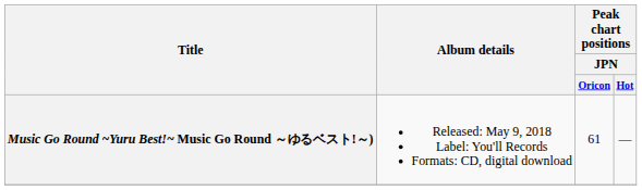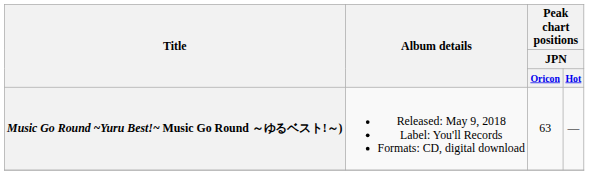 <table class="wikitable plainrowheaders" style="text-align:center;">
 <tr>
 <th scope="col" rowspan="3">Title</th>
 <th scope="col" rowspan="3">Album details</th>
 <th scope="col" colspan="2">Peak <br> chart <br> positions</th>
 </tr>
 <tr>
 <th colspan="2">JPN</th>
 </tr>
 <tr>
 <th scope="col" colspan="1"><small><a href='#'>Oricon</a></small></th>
 <th scope="col" colspan="1"><small><a href='#'>Hot</a></small></th>
 </tr>
 <tr>
 <th scope="row"><em> Music Go Round ~Yuru Best!~</em> Music Go Round ～ゆるベスト!～)</th>
 <td><br><ul><li>Released: May 9, 2018</li><li>Label: You'll Records</li><li>Formats: CD, digital download</li></ul></td>
-<td>61</td>
+<td>63</td>
 <td>—</td>
 </tr>
 <tr>
 </tr>
 </table>
